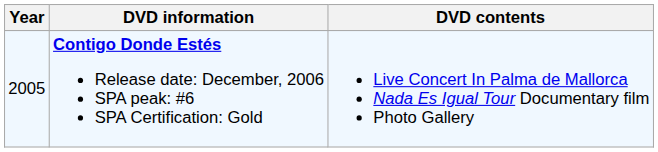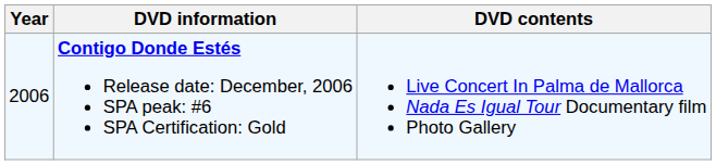 <table class="wikitable">
 <tr>
 <th>Year</th>
 <th>DVD information</th>
 <th>DVD contents</th>
 </tr>
 <tr>
 </tr>
 <tr bgcolor="#F0F8FF">
-<td>2005</td>
+<td>2006</td>
 <td><strong><a href='#'>Contigo Donde Estés</a></strong><br><ul><li>Release date: December, 2006</li><li>SPA peak: #6</li><li>SPA Certification: Gold</li></ul></td>
 <td><br><ul><li><a href='#'>Live Concert In Palma de Mallorca</a></li><li><em><a href='#'>Nada Es Igual Tour</a></em> Documentary film</li><li>Photo Gallery</li></ul></td>
 </tr>
 </table>
